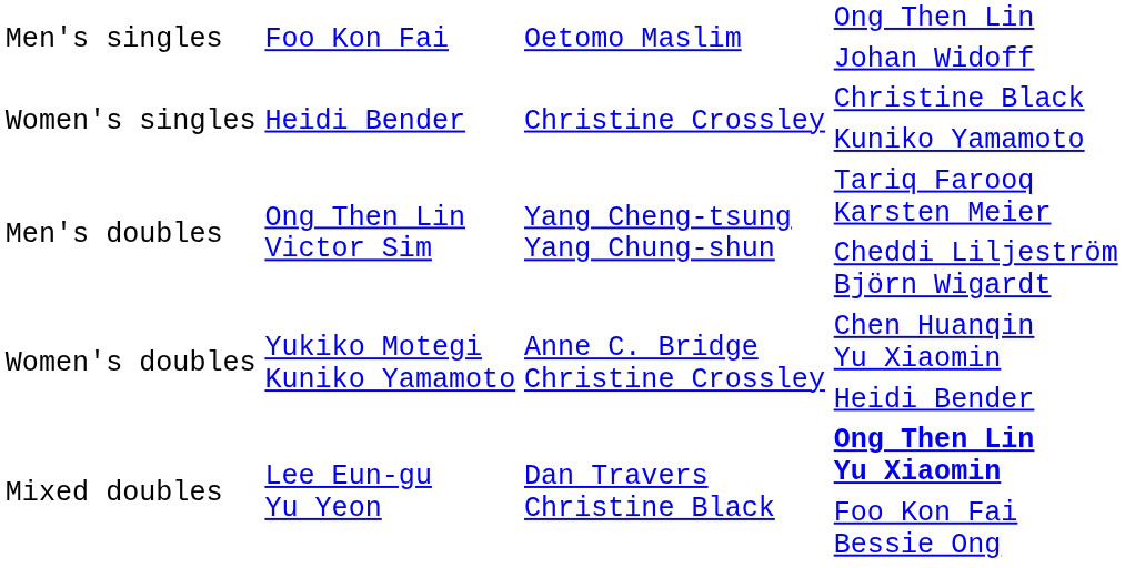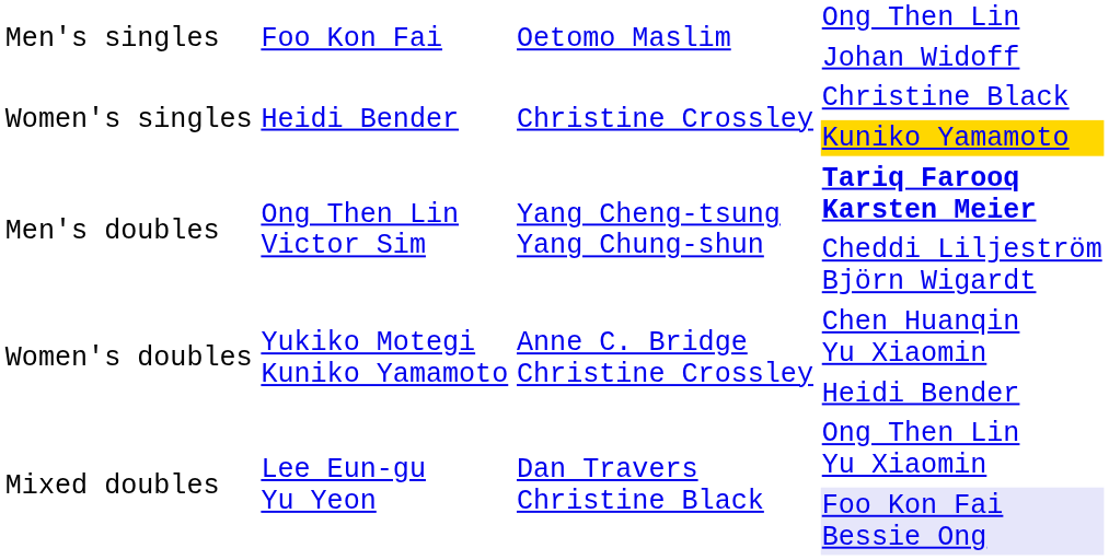 <table>
 <tr>
 <td rowspan="2">Men's singles</td>
 <td rowspan="2"> <a href='#'>Foo Kon Fai</a></td>
 <td rowspan="2"> <a href='#'>Oetomo Maslim</a></td>
 <td> <a href='#'>Ong Then Lin</a></td>
 </tr>
 <tr>
 <td> <a href='#'>Johan Widoff</a></td>
 </tr>
 <tr>
 <td rowspan="2">Women's singles</td>
 <td rowspan="2"> <a href='#'>Heidi Bender</a></td>
 <td rowspan="2"> <a href='#'>Christine Crossley</a></td>
 <td> <a href='#'>Christine Black</a></td>
 </tr>
 <tr>
-<td> <a href='#'>Kuniko Yamamoto</a></td>
+<td style="background: gold;"> <a href='#'>Kuniko Yamamoto</a></td>
 </tr>
 <tr>
 <td rowspan="2">Men's doubles</td>
 <td rowspan="2"> <a href='#'>Ong Then Lin</a><br> <a href='#'>Victor Sim</a></td>
 <td rowspan="2"> <a href='#'>Yang Cheng-tsung</a><br> <a href='#'>Yang Chung-shun</a></td>
-<td> <a href='#'>Tariq Farooq</a><br> <a href='#'>Karsten Meier</a></td>
+<td><strong> <a href='#'>Tariq Farooq</a><br> <a href='#'>Karsten Meier</a></strong></td>
 </tr>
 <tr>
 <td> <a href='#'>Cheddi Liljeström</a><br> <a href='#'>Björn Wigardt</a></td>
 </tr>
 <tr>
 <td rowspan="2">Women's doubles</td>
 <td rowspan="2"> <a href='#'>Yukiko Motegi</a><br> <a href='#'>Kuniko Yamamoto</a></td>
 <td rowspan="2"> <a href='#'>Anne C. Bridge</a><br> <a href='#'>Christine Crossley</a></td>
 <td> <a href='#'>Chen Huanqin</a><br> <a href='#'>Yu Xiaomin</a></td>
 </tr>
 <tr>
 <td> <a href='#'>Heidi Bender</a><br></td>
 </tr>
 <tr>
 <td rowspan="2">Mixed doubles</td>
 <td rowspan="2"> <a href='#'>Lee Eun-gu</a><br> <a href='#'>Yu Yeon</a></td>
 <td rowspan="2"> <a href='#'>Dan Travers</a><br> <a href='#'>Christine Black</a></td>
-<td><strong> <a href='#'>Ong Then Lin</a><br> <a href='#'>Yu Xiaomin</a></strong></td>
+<td> <a href='#'>Ong Then Lin</a><br> <a href='#'>Yu Xiaomin</a></td>
 </tr>
 <tr>
-<td> <a href='#'>Foo Kon Fai</a><br> <a href='#'>Bessie Ong</a></td>
+<td style="background: lavender;"> <a href='#'>Foo Kon Fai</a><br> <a href='#'>Bessie Ong</a></td>
 </tr>
 </table>
